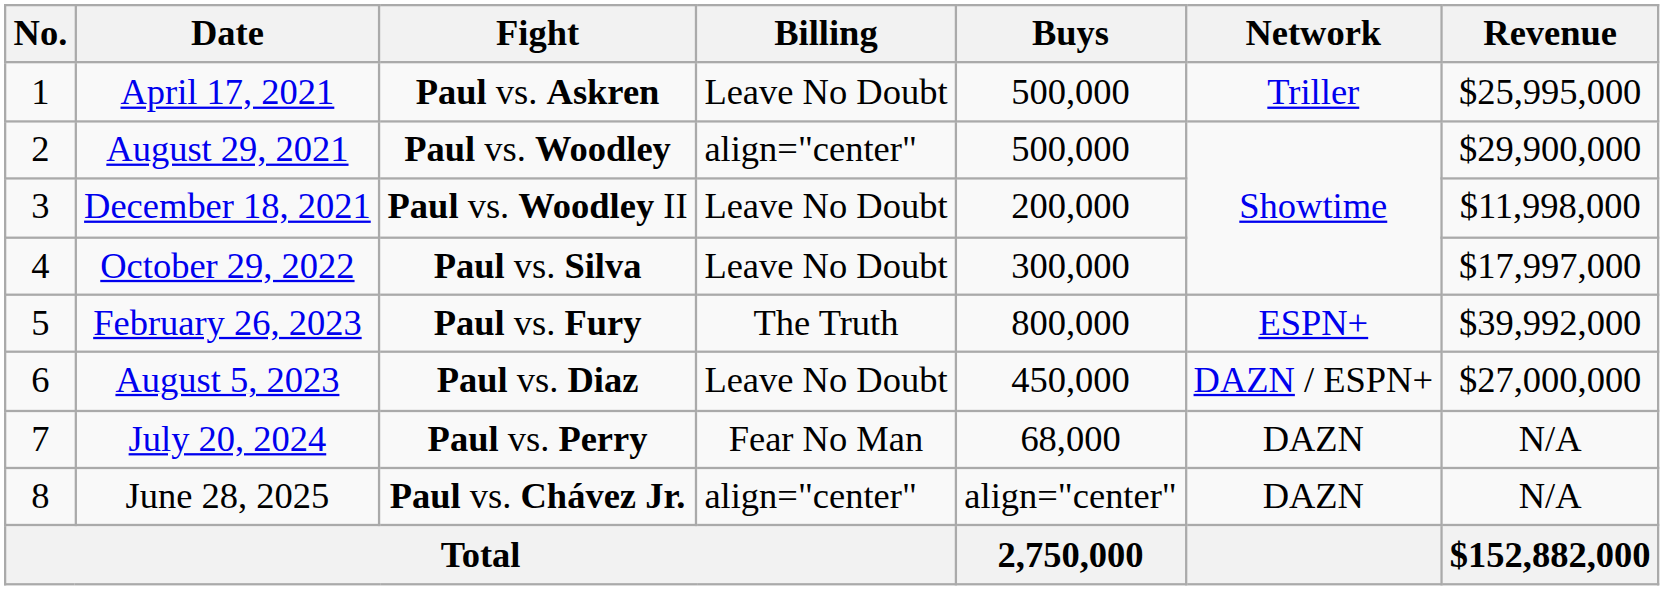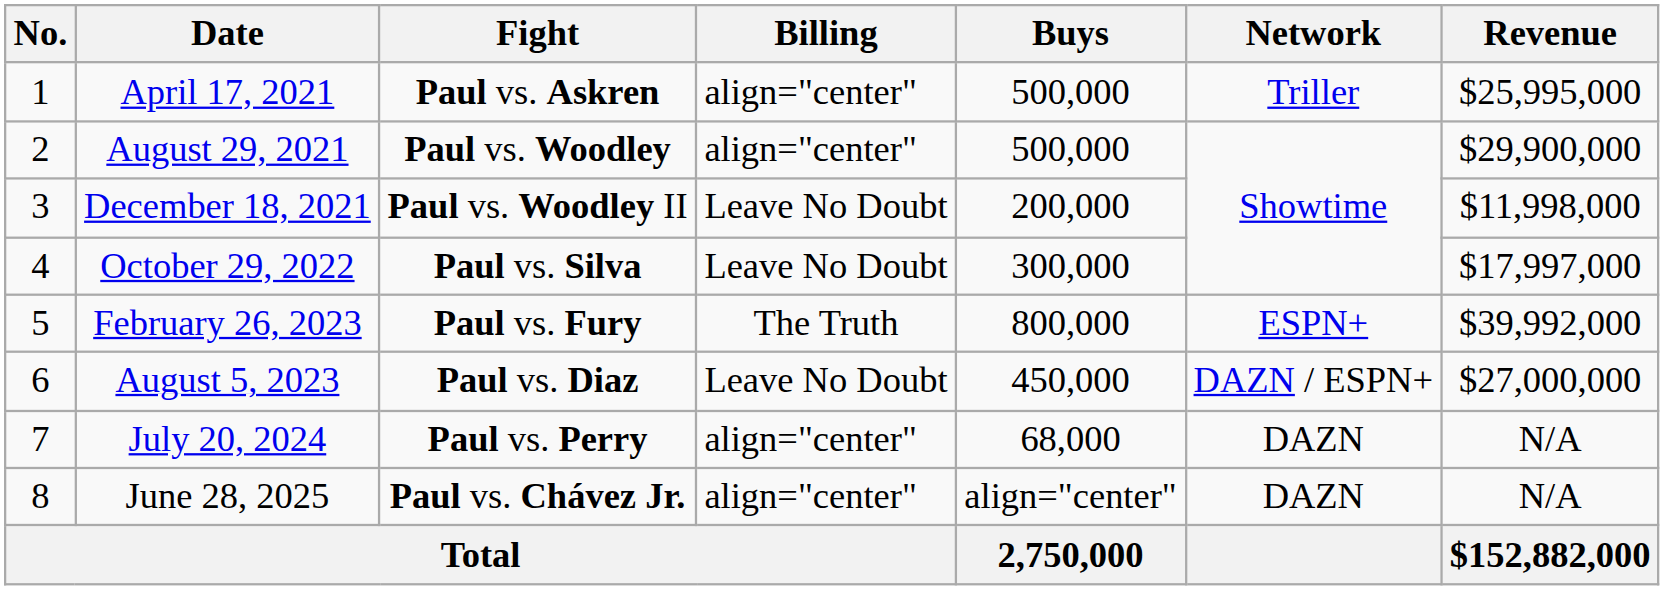 <table class="wikitable sortable">
 <tr>
 <th>No.</th>
 <th>Date</th>
 <th>Fight</th>
 <th>Billing</th>
 <th>Buys</th>
 <th>Network</th>
 <th>Revenue</th>
 </tr>
 <tr>
 <td align="center">1</td>
 <td align="center"><a href='#'>April 17, 2021</a></td>
 <td align="center"><strong>Paul</strong> vs. <strong>Askren</strong></td>
-<td align="center">Leave No Doubt</td>
+<td>align="center" </td>
 <td align="center">500,000</td>
 <td align="center"><a href='#'>Triller</a></td>
 <td align="center">$25,995,000</td>
 </tr>
 <tr>
 <td align="center">2</td>
 <td align="center"><a href='#'>August 29, 2021</a></td>
 <td align="center"><strong>Paul</strong> vs. <strong>Woodley</strong></td>
 <td>align="center" </td>
 <td align="center">500,000</td>
 <td rowspan="3" align="center"><a href='#'>Showtime</a></td>
 <td align="center">$29,900,000</td>
 </tr>
 <tr>
 <td align="center">3</td>
 <td align="center"><a href='#'>December 18, 2021</a></td>
 <td align="center"><strong>Paul</strong> vs. <strong>Woodley</strong> II</td>
 <td align="center">Leave No Doubt</td>
 <td align="center">200,000</td>
 <td align="center">$11,998,000</td>
 </tr>
 <tr>
 <td align="center">4</td>
 <td align="center"><a href='#'>October 29, 2022</a></td>
 <td align="center"><strong>Paul</strong> vs. <strong>Silva</strong></td>
 <td align="center">Leave No Doubt</td>
 <td align="center">300,000</td>
 <td align="center">$17,997,000</td>
 </tr>
 <tr>
 <td align="center">5</td>
 <td align="center"><a href='#'>February 26, 2023</a></td>
 <td align="center"><strong>Paul</strong> vs. <strong>Fury</strong></td>
 <td align="center">The Truth</td>
 <td align="center">800,000</td>
 <td align="center"><a href='#'>ESPN+</a></td>
 <td align="center">$39,992,000</td>
 </tr>
 <tr>
 <td align="center">6</td>
 <td align="center"><a href='#'>August 5, 2023</a></td>
 <td align="center"><strong>Paul</strong> vs. <strong>Diaz</strong></td>
 <td align="center">Leave No Doubt</td>
 <td align="center">450,000</td>
 <td align="center"><a href='#'>DAZN</a> / ESPN+</td>
 <td align="center">$27,000,000</td>
 </tr>
 <tr>
 <td align="center">7</td>
 <td align="center"><a href='#'>July 20, 2024</a></td>
 <td align="center"><strong>Paul</strong> vs. <strong>Perry</strong></td>
-<td align="center">Fear No Man</td>
+<td>align="center" </td>
 <td align="center">68,000</td>
 <td align="center">DAZN</td>
 <td align="center">N/A</td>
 </tr>
 <tr>
 <td align="center">8</td>
 <td align="center">June 28, 2025</td>
 <td align="center"><strong>Paul</strong> vs. <strong>Chávez Jr.</strong></td>
 <td>align="center" </td>
 <td>align="center" </td>
 <td align="center">DAZN</td>
 <td align="center">N/A</td>
 </tr>
 <tr>
 <th colspan="4">Total</th>
 <th>2,750,000</th>
 <th></th>
 <th>$152,882,000</th>
 </tr>
 </table>
